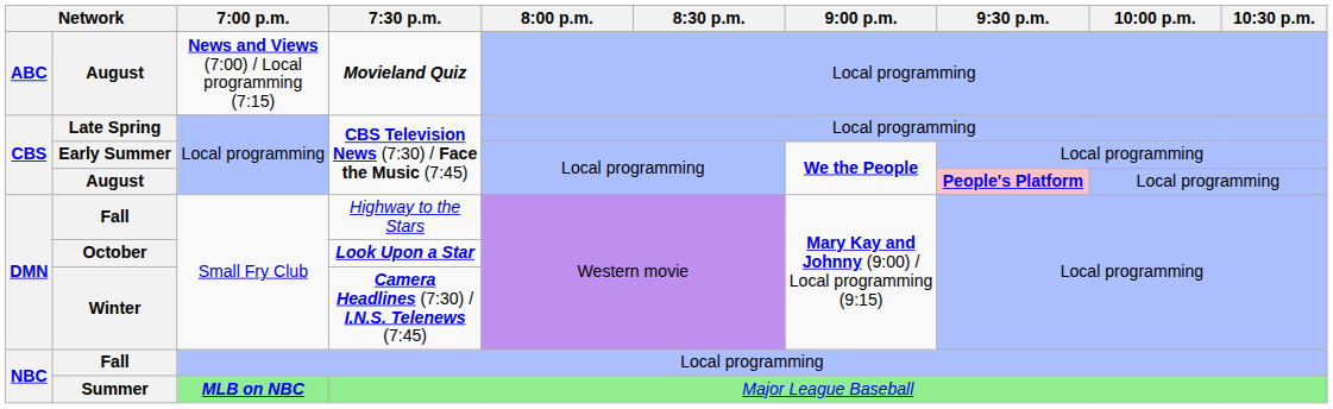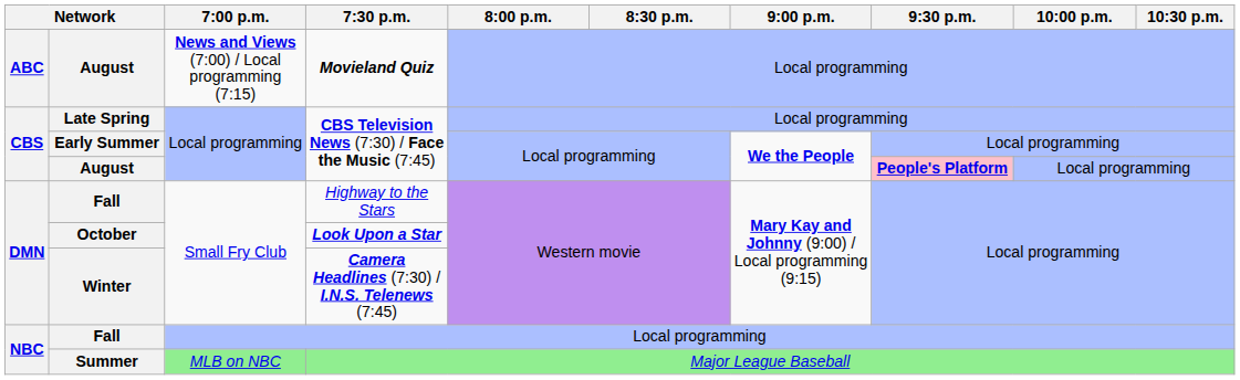 <table class="wikitable" style="width:100%;margin-right:0;text-align:center">
 <tr>
 <th colspan="2" style="width:13%;">Network</th>
 <th style="width:11.5%;">7:00 p.m.</th>
 <th style="width:11.5%;">7:30 p.m.</th>
 <th style="width:11.5%;">8:00 p.m.</th>
 <th style="width:11.5%;">8:30 p.m.</th>
 <th style="width:11.5%;">9:00 p.m.</th>
 <th style="width:11.5%;">9:30 p.m.</th>
 <th style="width:10%;">10:00 p.m.</th>
 <th style="width:10%;">10:30 p.m.</th>
 </tr>
 <tr>
 <th><a href='#'>ABC</a></th>
 <th>August</th>
 <td><strong><a href='#'>News and Views</a></strong> (7:00) / Local programming (7:15)</td>
 <td><strong><em>Movieland Quiz</em></strong></td>
 <td style="background:#abbfff;" colspan="6">Local programming</td>
 </tr>
 <tr>
 <th rowspan=3><a href='#'>CBS</a></th>
 <th>Late Spring</th>
 <td rowspan="3" style="background:#abbfff;">Local programming</td>
 <td rowspan=3><strong><a href='#'>CBS Television News</a></strong> (7:30) / <strong>Face the Music</strong> (7:45)</td>
 <td style="background:#abbfff;" colspan="6">Local programming</td>
 </tr>
 <tr>
 <th>Early Summer</th>
 <td style="background:#abbfff;" colspan="2" rowspan="2">Local programming</td>
 <td rowspan=2><strong><a href='#'>We the People</a></strong></td>
 <td style="background:#abbfff;" colspan="3">Local programming</td>
 </tr>
 <tr>
 <th>August</th>
 <td style="background: pink;"><strong><a href='#'>People's Platform</a></strong></td>
 <td style="background:#abbfff;" colspan="2">Local programming</td>
 </tr>
 <tr>
 <th rowspan="3"><a href='#'>DMN</a></th>
 <th>Fall</th>
 <td rowspan="3"><a href='#'>Small Fry Club</a></td>
 <td><em><a href='#'>Highway to the Stars</a></em></td>
 <td colspan="2" rowspan="3" style="background:#bf8fef;">Western movie</td>
 <td rowspan="3"><strong><a href='#'>Mary Kay and Johnny</a></strong> (9:00) / Local programming (9:15)</td>
 <td colspan="3" rowspan="3" style="background:#abbfff;">Local programming</td>
 </tr>
 <tr>
 <th>October</th>
 <td><strong><em><a href='#'>Look Upon a Star</a></em></strong></td>
 </tr>
 <tr>
 <th>Winter</th>
 <td><strong><em><a href='#'>Camera Headlines</a></em></strong> (7:30) / <strong><em><a href='#'>I.N.S. Telenews</a></em></strong> (7:45)</td>
 </tr>
 <tr>
 <th rowspan="2"><a href='#'>NBC</a></th>
 <th>Fall</th>
 <td colspan="8" style="background:#abbfff;">Local programming</td>
 </tr>
 <tr>
 <th>Summer</th>
-<td style="background:lightgreen"><strong><em><a href='#'>MLB on NBC</a></em></strong></td>
+<td style="background:lightgreen"><em><a href='#'>MLB on NBC</a></em></td>
 <td colspan="7" style="background:lightgreen"><em><a href='#'>Major League Baseball</a></em> </td>
 </tr>
 </table>
